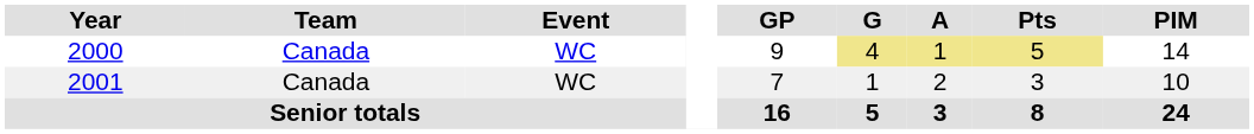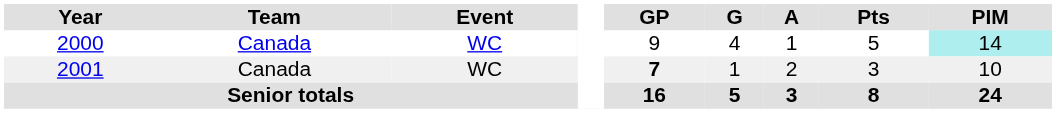 <table border="0" cellpadding="1" cellspacing="0" style="text-align:center; width:50em">
 <tr ALIGN="center" bgcolor="#e0e0e0">
 <th>Year</th>
 <th>Team</th>
 <th>Event</th>
 <th rowspan="99" bgcolor="#ffffff"> </th>
 <th>GP</th>
 <th>G</th>
 <th>A</th>
 <th>Pts</th>
 <th>PIM</th>
 </tr>
 <tr>
 <td><a href='#'>2000</a></td>
 <td><a href='#'>Canada</a></td>
 <td><a href='#'>WC</a></td>
 <td>9</td>
-<td style="background: khaki;">4</td>
-<td style="background: khaki;">1</td>
-<td style="background: khaki;">5</td>
-<td>14</td>
+<td>4</td>
+<td>1</td>
+<td>5</td>
+<td style="background: paleturquoise;">14</td>
 </tr>
 <tr style="background:#f0f0f0;">
 <td><a href='#'>2001</a></td>
 <td>Canada</td>
 <td>WC</td>
-<td>7</td>
+<td><strong>7</strong></td>
 <td>1</td>
 <td>2</td>
 <td>3</td>
 <td>10</td>
 </tr>
 <tr bgcolor="#e0e0e0">
 <th colspan="3">Senior totals</th>
 <th>16</th>
 <th>5</th>
 <th>3</th>
 <th>8</th>
 <th>24</th>
 </tr>
 </table>
